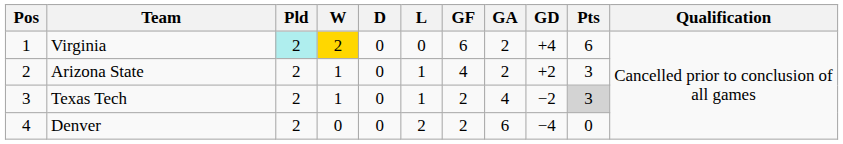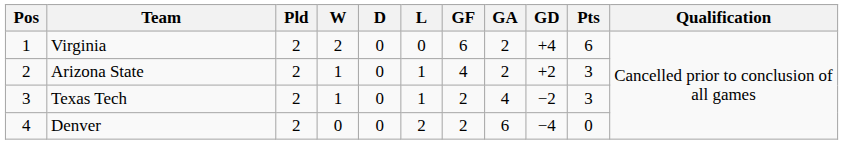 <table class="wikitable" style="text-align:center; margin: 1em auto">
 <tr>
 <th style="width:2em">Pos</th>
 <th style="width:13em">Team</th>
 <th style="width:2em">Pld</th>
 <th style="width:2em">W</th>
 <th style="width:2em">D</th>
 <th style="width:2em">L</th>
 <th style="width:2em">GF</th>
 <th style="width:2em">GA</th>
 <th style="width:2em">GD</th>
 <th style="width:2em">Pts</th>
 <th style="width:13em">Qualification</th>
 </tr>
 <tr>
 <td>1</td>
 <td style="text-align:left">Virginia</td>
-<td style="background: paleturquoise;">2</td>
-<td style="background: gold;">2</td>
+<td>2</td>
+<td>2</td>
 <td>0</td>
 <td>0</td>
 <td>6</td>
 <td>2</td>
 <td>+4</td>
 <td>6</td>
 <td rowspan="4">Cancelled prior to conclusion of all games</td>
 </tr>
 <tr>
 <td>2</td>
 <td style="text-align:left">Arizona State</td>
 <td>2</td>
 <td>1</td>
 <td>0</td>
 <td>1</td>
 <td>4</td>
 <td>2</td>
 <td>+2</td>
 <td>3</td>
 </tr>
 <tr>
 <td>3</td>
 <td style="text-align:left">Texas Tech</td>
 <td>2</td>
 <td>1</td>
 <td>0</td>
 <td>1</td>
 <td>2</td>
 <td>4</td>
 <td>−2</td>
-<td style="background: lightgrey;">3</td>
+<td>3</td>
 </tr>
 <tr>
 <td>4</td>
 <td style="text-align:left">Denver</td>
 <td>2</td>
 <td>0</td>
 <td>0</td>
 <td>2</td>
 <td>2</td>
 <td>6</td>
 <td>−4</td>
 <td>0</td>
 </tr>
 </table>
